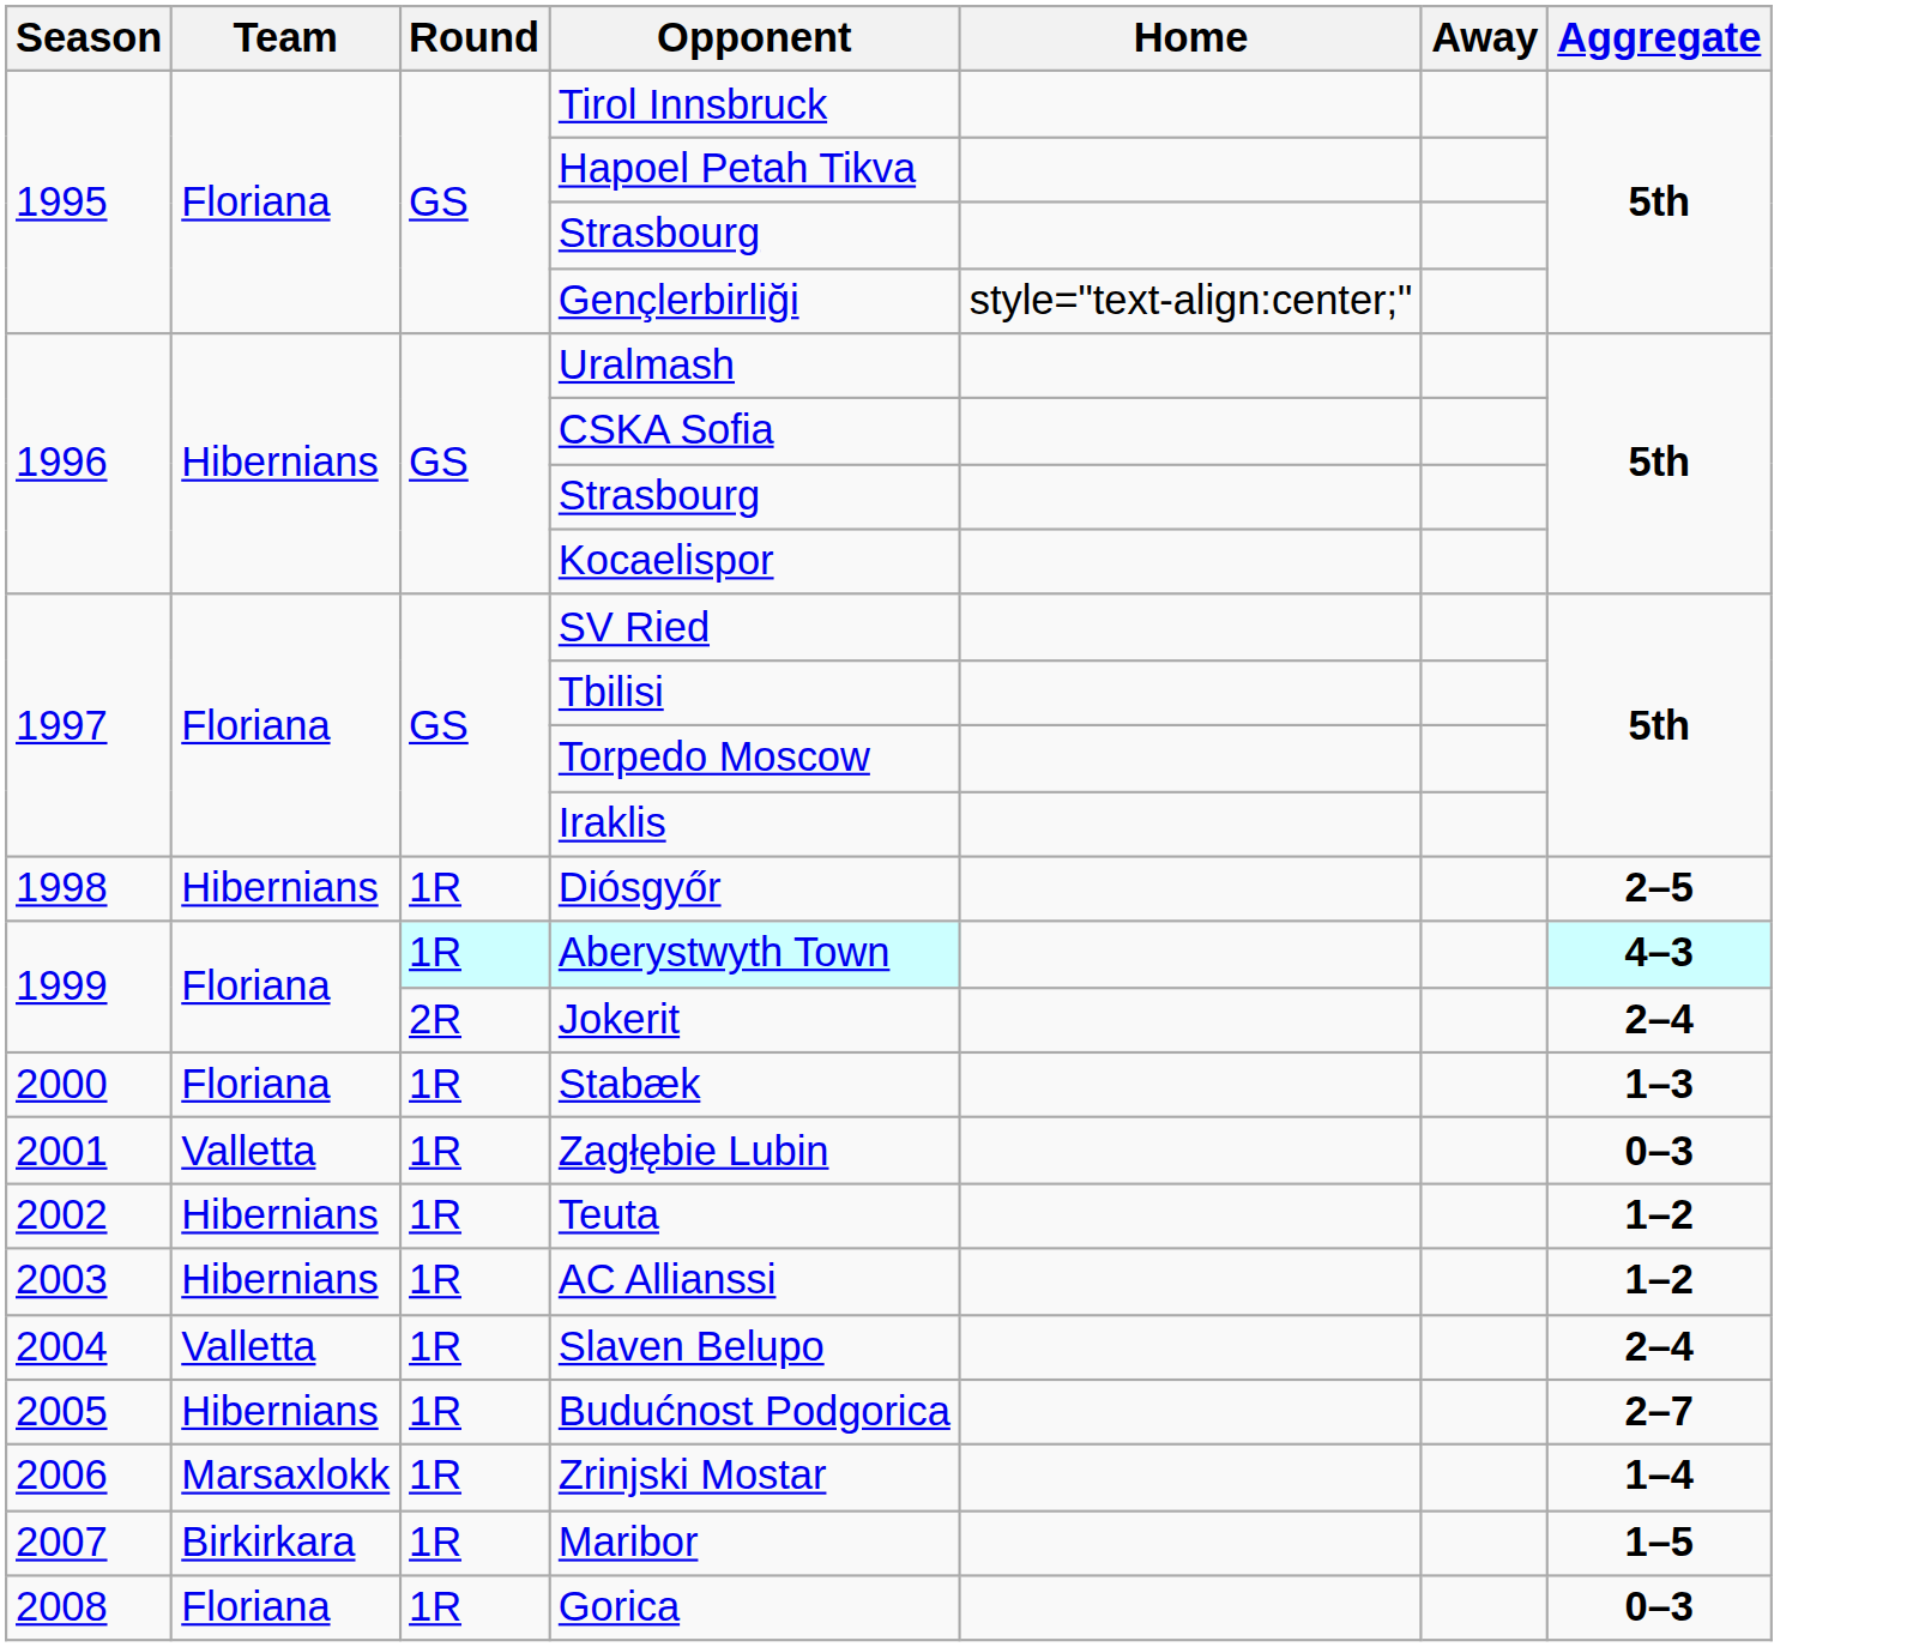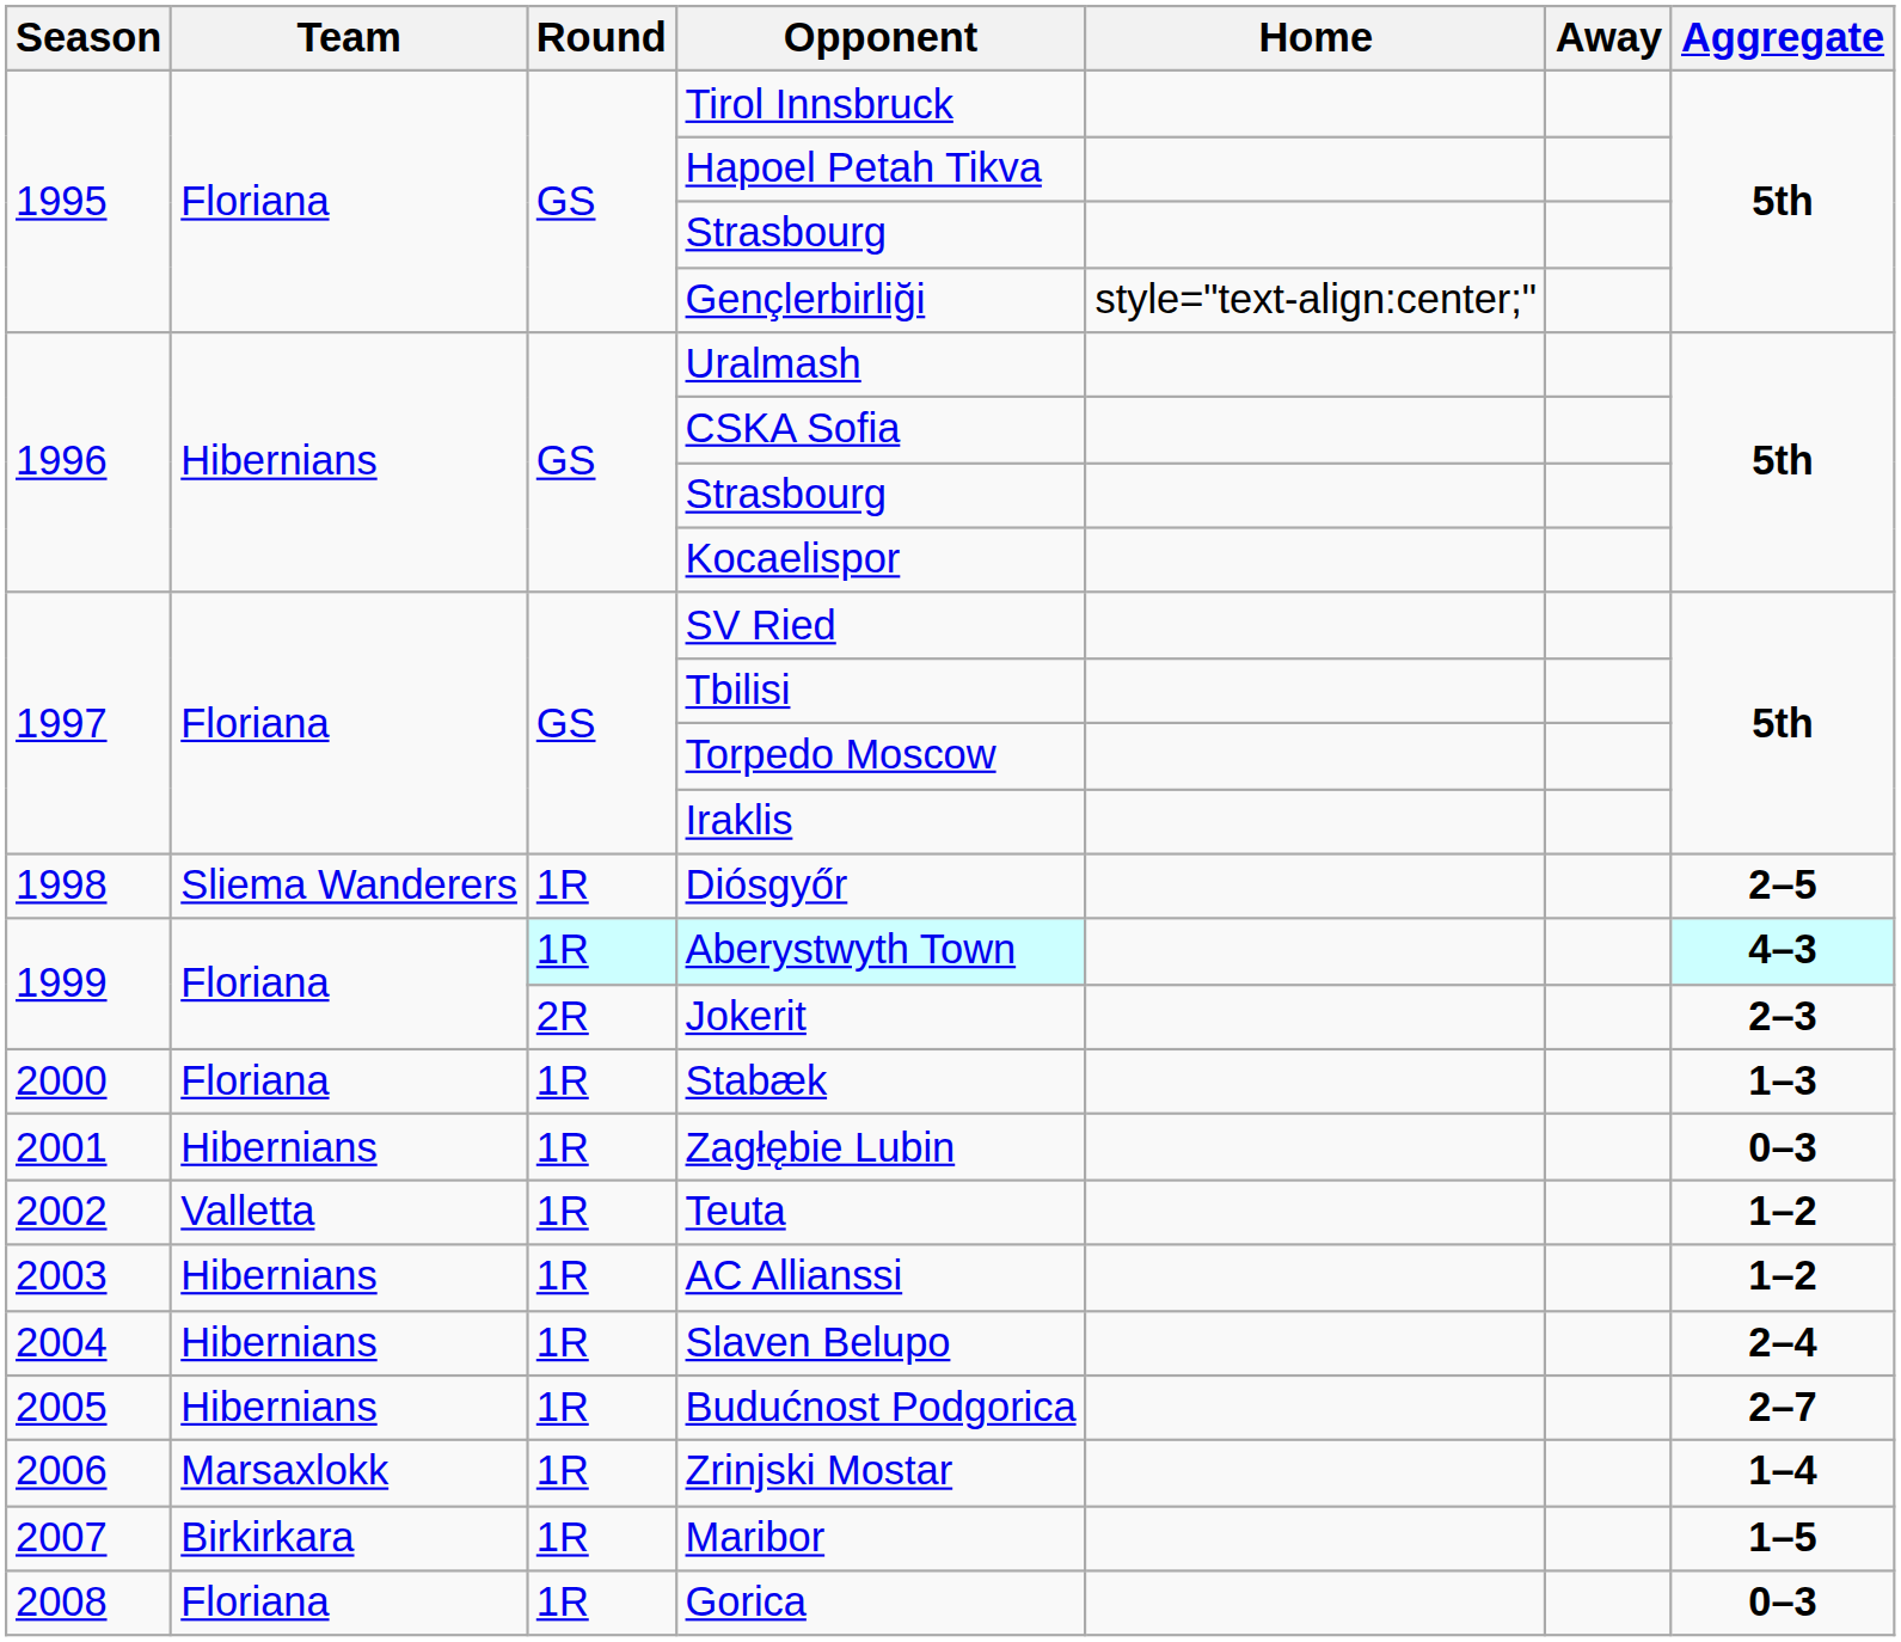 <table class="wikitable">
 <tr>
 <th>Season</th>
 <th>Team</th>
 <th>Round</th>
 <th>Opponent</th>
 <th>Home</th>
 <th>Away</th>
 <th><a href='#'>Aggregate</a></th>
 </tr>
 <tr>
 <td rowspan="4"><a href='#'>1995</a></td>
 <td rowspan="4"><a href='#'>Floriana</a></td>
 <td rowspan="4"><a href='#'>GS</a></td>
 <td> <a href='#'>Tirol Innsbruck</a></td>
 <td></td>
 <td></td>
 <td rowspan="4" align="center"><strong>5th</strong></td>
 </tr>
 <tr>
 <td> <a href='#'>Hapoel Petah Tikva</a></td>
 <td></td>
 <td></td>
 </tr>
 <tr>
 <td> <a href='#'>Strasbourg</a></td>
 <td></td>
 <td></td>
 </tr>
 <tr>
 <td> <a href='#'>Gençlerbirliği</a></td>
 <td>style="text-align:center;" </td>
 <td></td>
 </tr>
 <tr>
 <td rowspan="4"><a href='#'>1996</a></td>
 <td rowspan="4"><a href='#'>Hibernians</a></td>
 <td rowspan="4"><a href='#'>GS</a></td>
 <td> <a href='#'>Uralmash</a></td>
 <td></td>
 <td></td>
 <td rowspan="4" align="center"><strong>5th</strong></td>
 </tr>
 <tr>
 <td> <a href='#'>CSKA Sofia</a></td>
 <td></td>
 <td></td>
 </tr>
 <tr>
 <td> <a href='#'>Strasbourg</a></td>
 <td></td>
 <td></td>
 </tr>
 <tr>
 <td> <a href='#'>Kocaelispor</a></td>
 <td></td>
 <td></td>
 </tr>
 <tr>
 <td rowspan="4"><a href='#'>1997</a></td>
 <td rowspan="4"><a href='#'>Floriana</a></td>
 <td rowspan="4"><a href='#'>GS</a></td>
 <td> <a href='#'>SV Ried</a></td>
 <td></td>
 <td></td>
 <td rowspan="4" align="center"><strong>5th</strong></td>
 </tr>
 <tr>
 <td> <a href='#'>Tbilisi</a></td>
 <td></td>
 <td></td>
 </tr>
 <tr>
 <td> <a href='#'>Torpedo Moscow</a></td>
 <td></td>
 <td></td>
 </tr>
 <tr>
 <td> <a href='#'>Iraklis</a></td>
 <td></td>
 <td></td>
 </tr>
 <tr>
 <td><a href='#'>1998</a></td>
-<td><a href='#'>Hibernians</a></td>
+<td><a href='#'>Sliema Wanderers</a></td>
 <td><a href='#'>1R</a></td>
 <td> <a href='#'>Diósgyőr</a></td>
 <td></td>
 <td></td>
 <td align="center"><strong>2–5</strong></td>
 </tr>
 <tr>
 <td rowspan="2"><a href='#'>1999</a></td>
 <td rowspan="2"><a href='#'>Floriana</a></td>
 <td style="background-color:#CFF"><a href='#'>1R</a></td>
 <td style="background-color:#CFF"> <a href='#'>Aberystwyth Town</a></td>
 <td></td>
 <td></td>
 <td align=center style="background-color:#CFF"><strong>4–3</strong></td>
 </tr>
 <tr>
 <td><a href='#'>2R</a></td>
 <td> <a href='#'>Jokerit</a></td>
 <td></td>
 <td></td>
-<td align="center"><strong>2–4</strong></td>
+<td align="center"><strong>2–3</strong></td>
 </tr>
 <tr>
 <td><a href='#'>2000</a></td>
 <td><a href='#'>Floriana</a></td>
 <td><a href='#'>1R</a></td>
 <td> <a href='#'>Stabæk</a></td>
 <td></td>
 <td></td>
 <td align="center"><strong>1–3</strong></td>
 </tr>
 <tr>
 <td><a href='#'>2001</a></td>
-<td><a href='#'>Valletta</a></td>
+<td><a href='#'>Hibernians</a></td>
 <td><a href='#'>1R</a></td>
 <td> <a href='#'>Zagłębie Lubin</a></td>
 <td></td>
 <td></td>
 <td align="center"><strong>0–3</strong></td>
 </tr>
 <tr>
 <td><a href='#'>2002</a></td>
-<td><a href='#'>Hibernians</a></td>
+<td><a href='#'>Valletta</a></td>
 <td><a href='#'>1R</a></td>
 <td> <a href='#'>Teuta</a></td>
 <td></td>
 <td></td>
 <td align="center"><strong>1–2</strong></td>
 </tr>
 <tr>
 <td><a href='#'>2003</a></td>
 <td><a href='#'>Hibernians</a></td>
 <td><a href='#'>1R</a></td>
 <td> <a href='#'>AC Allianssi</a></td>
 <td></td>
 <td></td>
 <td align="center"><strong>1–2</strong></td>
 </tr>
 <tr>
 <td><a href='#'>2004</a></td>
-<td><a href='#'>Valletta</a></td>
+<td><a href='#'>Hibernians</a></td>
 <td><a href='#'>1R</a></td>
 <td> <a href='#'>Slaven Belupo</a></td>
 <td></td>
 <td></td>
 <td align="center"><strong>2–4</strong></td>
 </tr>
 <tr>
 <td><a href='#'>2005</a></td>
 <td><a href='#'>Hibernians</a></td>
 <td><a href='#'>1R</a></td>
 <td> <a href='#'>Budućnost Podgorica</a></td>
 <td></td>
 <td></td>
 <td align="center"><strong>2–7</strong></td>
 </tr>
 <tr>
 <td><a href='#'>2006</a></td>
 <td><a href='#'>Marsaxlokk</a></td>
 <td><a href='#'>1R</a></td>
 <td> <a href='#'>Zrinjski Mostar</a></td>
 <td></td>
 <td></td>
 <td align="center"><strong>1–4</strong></td>
 </tr>
 <tr>
 <td><a href='#'>2007</a></td>
 <td><a href='#'>Birkirkara</a></td>
 <td><a href='#'>1R</a></td>
 <td> <a href='#'>Maribor</a></td>
 <td></td>
 <td></td>
 <td align="center"><strong>1–5</strong></td>
 </tr>
 <tr>
 <td><a href='#'>2008</a></td>
 <td><a href='#'>Floriana</a></td>
 <td><a href='#'>1R</a></td>
 <td> <a href='#'>Gorica</a></td>
 <td></td>
 <td></td>
 <td align="center"><strong>0–3</strong></td>
 </tr>
 </table>
